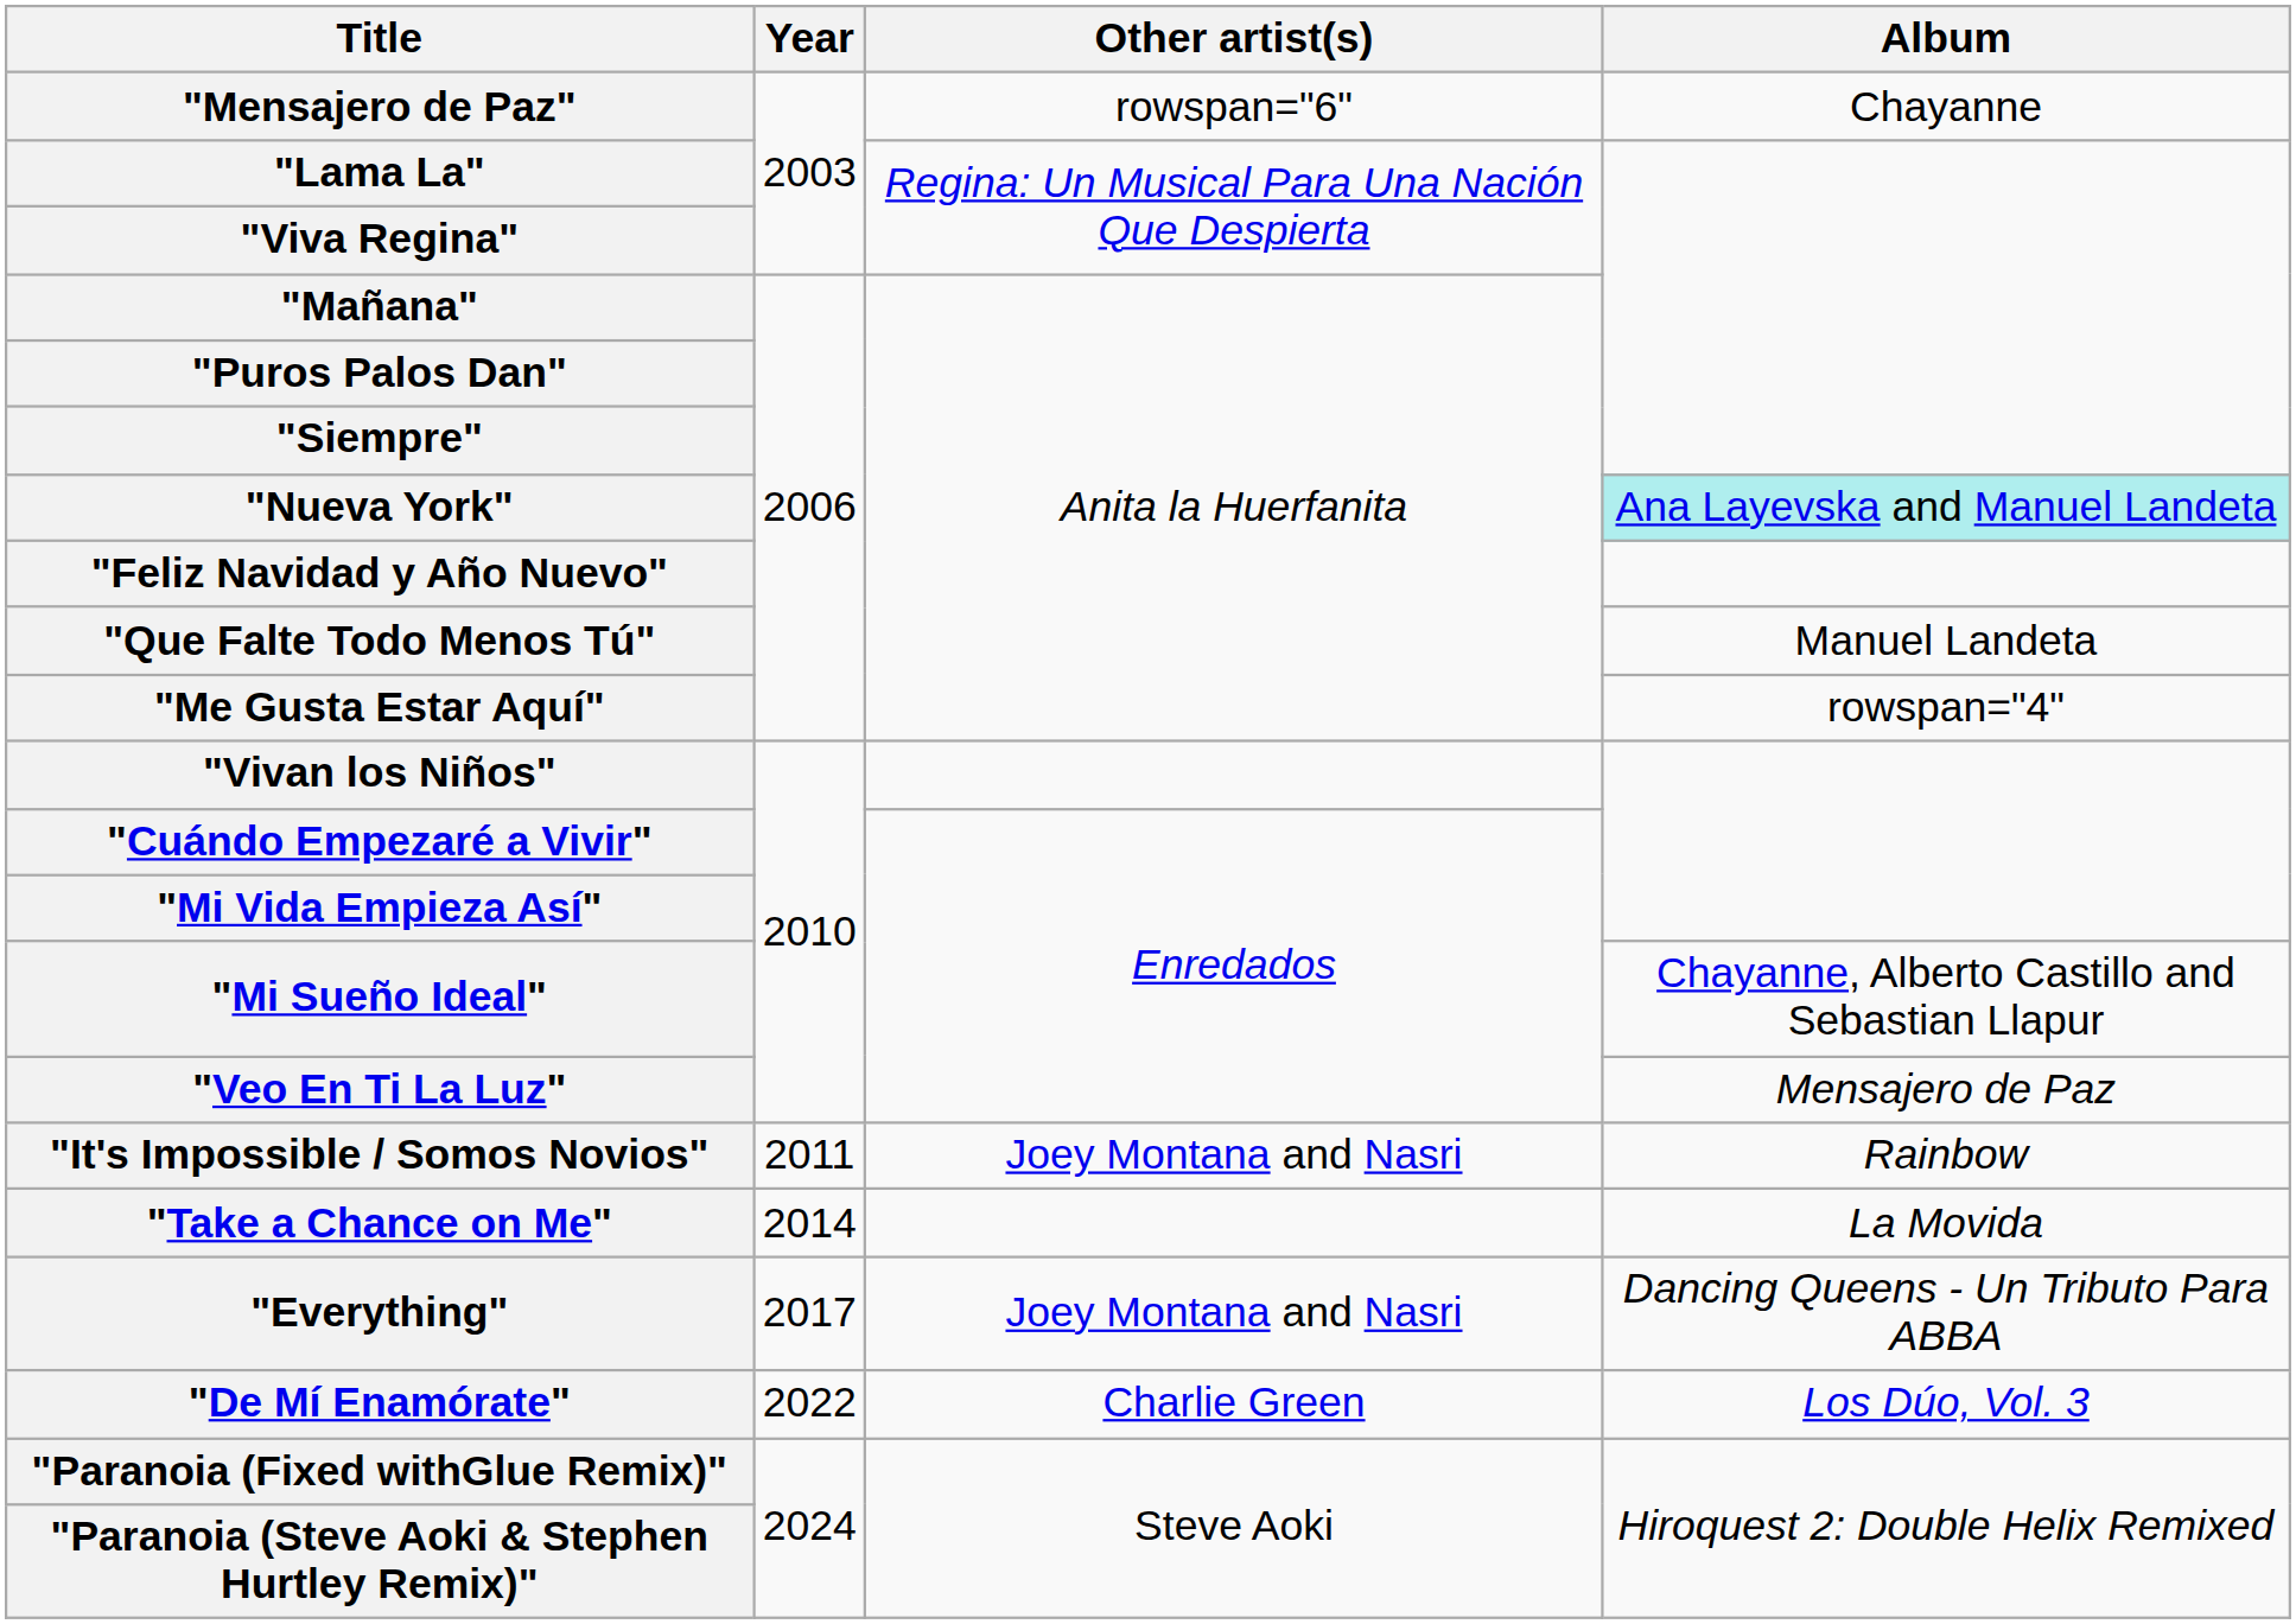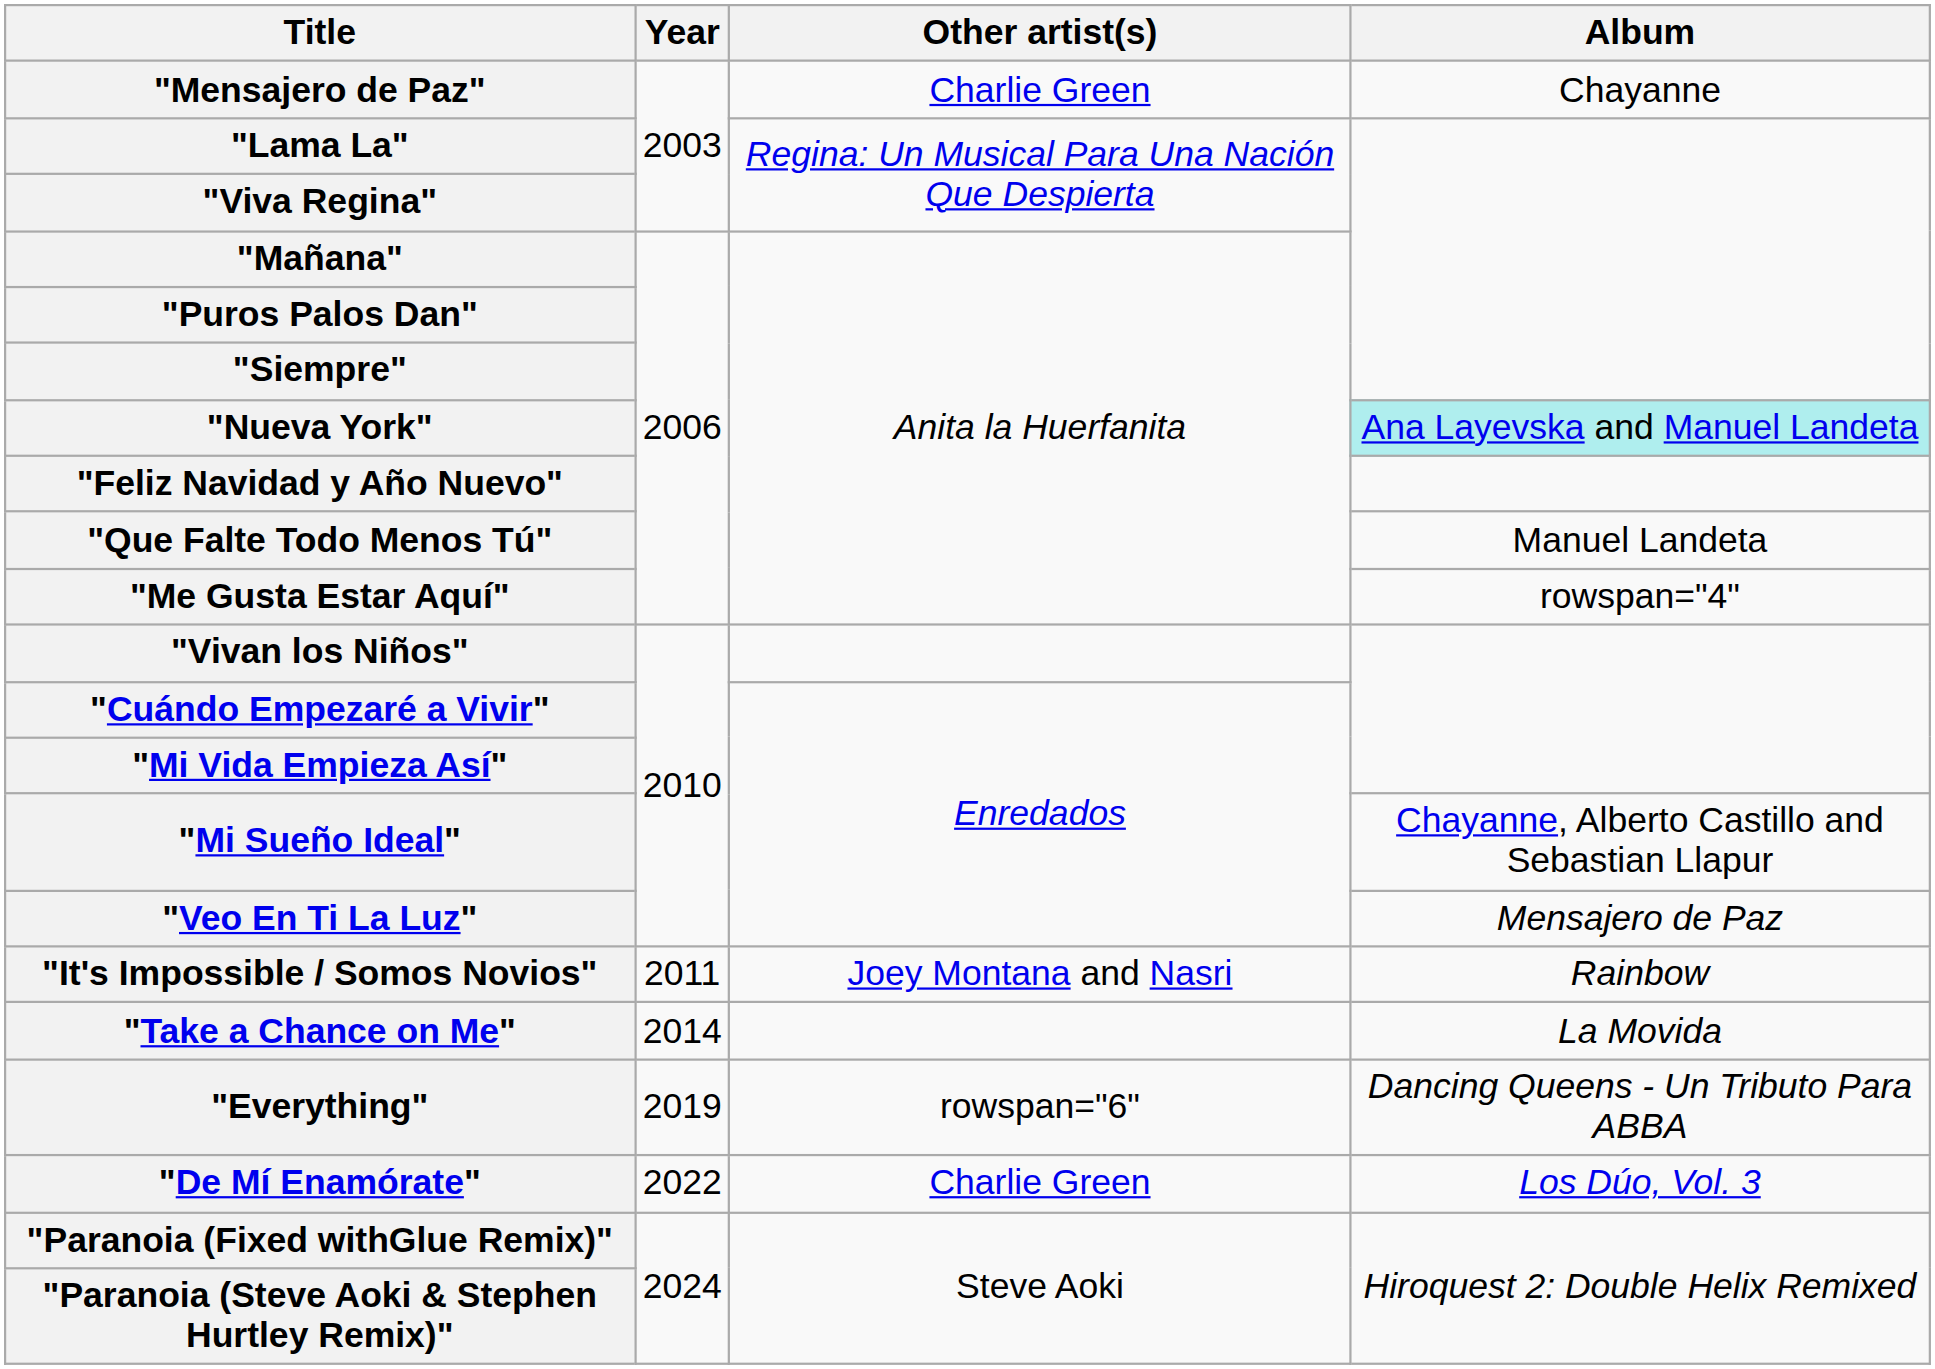 <table class="wikitable plainrowheaders" style="text-align:center;">
 <tr>
 <th scope="col">Title</th>
 <th scope="col">Year</th>
 <th scope="col">Other artist(s)</th>
 <th scope="col">Album</th>
 </tr>
 <tr>
 <th scope="row">"Mensajero de Paz"</th>
 <td rowspan=3>2003</td>
-<td>rowspan="6" </td>
+<td><a href='#'>Charlie Green</a></td>
 <td>Chayanne</td>
 </tr>
 <tr>
 <th scope="row">"Lama La"</th>
 <td rowspan="2"><em><a href='#'>Regina: Un Musical Para Una Nación Que Despierta</a></em></td>
 </tr>
 <tr>
 <th scope="row">"Viva Regina"</th>
 </tr>
 <tr>
 <th scope="row">"Mañana"</th>
 <td rowspan=7>2006</td>
 <td rowspan="7"><em>Anita la Huerfanita</em></td>
 </tr>
 <tr>
 <th scope="row">"Puros Palos Dan"</th>
 </tr>
 <tr>
 <th scope="row">"Siempre"</th>
 </tr>
 <tr>
 <th scope="row">"Nueva York"</th>
 <td style="background: paleturquoise;"><a href='#'>Ana Layevska</a> and <a href='#'>Manuel Landeta</a></td>
 </tr>
 <tr>
 <th scope="row">"Feliz Navidad y Año Nuevo"</th>
 <td></td>
 </tr>
 <tr>
 <th scope="row">"Que Falte Todo Menos Tú"</th>
 <td>Manuel Landeta</td>
 </tr>
 <tr>
 <th scope="row">"Me Gusta Estar Aquí"</th>
 <td>rowspan="4" </td>
 </tr>
 <tr>
 <th scope="row">"Vivan los Niños"</th>
 <td rowspan=5>2010</td>
 <td><em></em></td>
 </tr>
 <tr>
 <th scope="row">"<a href='#'>Cuándo Empezaré a Vivir</a>"</th>
 <td rowspan="4"><em><a href='#'>Enredados</a></em></td>
 </tr>
 <tr>
 <th scope="row">"<a href='#'>Mi Vida Empieza Así</a>"</th>
 </tr>
 <tr>
 <th scope="row">"<a href='#'>Mi Sueño Ideal</a>"</th>
 <td><a href='#'>Chayanne</a>, Alberto Castillo and Sebastian Llapur</td>
 </tr>
 <tr>
 <th scope="row">"<a href='#'>Veo En Ti La Luz</a>"</th>
 <td><em>Mensajero de Paz</em></td>
 </tr>
 <tr>
 <th scope="row">"It's Impossible / Somos Novios"</th>
 <td>2011</td>
 <td><a href='#'>Joey Montana</a> and <a href='#'>Nasri</a></td>
 <td><em>Rainbow</em></td>
 </tr>
 <tr>
 <th scope="row">"<a href='#'>Take a Chance on Me</a>"</th>
 <td>2014</td>
 <td></td>
 <td><em>La Movida</em></td>
 </tr>
 <tr>
 <th scope="row">"Everything"</th>
-<td>2017</td>
-<td><a href='#'>Joey Montana</a> and <a href='#'>Nasri</a></td>
+<td>2019</td>
+<td>rowspan="6" </td>
 <td><em>Dancing Queens - Un Tributo Para ABBA</em></td>
 </tr>
 <tr>
 <th scope="row">"<a href='#'>De Mí Enamórate</a>"</th>
 <td>2022</td>
 <td><a href='#'>Charlie Green</a></td>
 <td><em><a href='#'>Los Dúo, Vol. 3</a></em></td>
 </tr>
 <tr>
 <th scope="row">"Paranoia (Fixed withGlue Remix)"</th>
 <td rowspan="2">2024</td>
 <td rowspan="2">Steve Aoki</td>
 <td rowspan="2"><em>Hiroquest 2: Double Helix Remixed</em></td>
 </tr>
 <tr>
 <th scope="row">"Paranoia (Steve Aoki & Stephen Hurtley Remix)"</th>
 </tr>
 </table>
